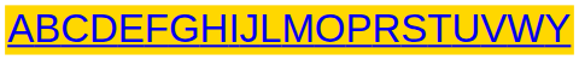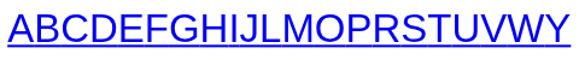 <table id="toc" class="toc" summary="Class">
 <tr>
 <th></th>
 </tr>
 <tr>
-<td style="background: gold; text-align:center;"><a href='#'>A</a><a href='#'>B</a><a href='#'>C</a><a href='#'>D</a><a href='#'>E</a><a href='#'>F</a><a href='#'>G</a><a href='#'>H</a><a href='#'>I</a><a href='#'>J</a><a href='#'>L</a><a href='#'>M</a><a href='#'>O</a><a href='#'>P</a><a href='#'>R</a><a href='#'>S</a><a href='#'>T</a><a href='#'>U</a><a href='#'>V</a><a href='#'>W</a><a href='#'>Y</a></td>
+<td style="text-align:center;"><a href='#'>A</a><a href='#'>B</a><a href='#'>C</a><a href='#'>D</a><a href='#'>E</a><a href='#'>F</a><a href='#'>G</a><a href='#'>H</a><a href='#'>I</a><a href='#'>J</a><a href='#'>L</a><a href='#'>M</a><a href='#'>O</a><a href='#'>P</a><a href='#'>R</a><a href='#'>S</a><a href='#'>T</a><a href='#'>U</a><a href='#'>V</a><a href='#'>W</a><a href='#'>Y</a></td>
 </tr>
 </table>
